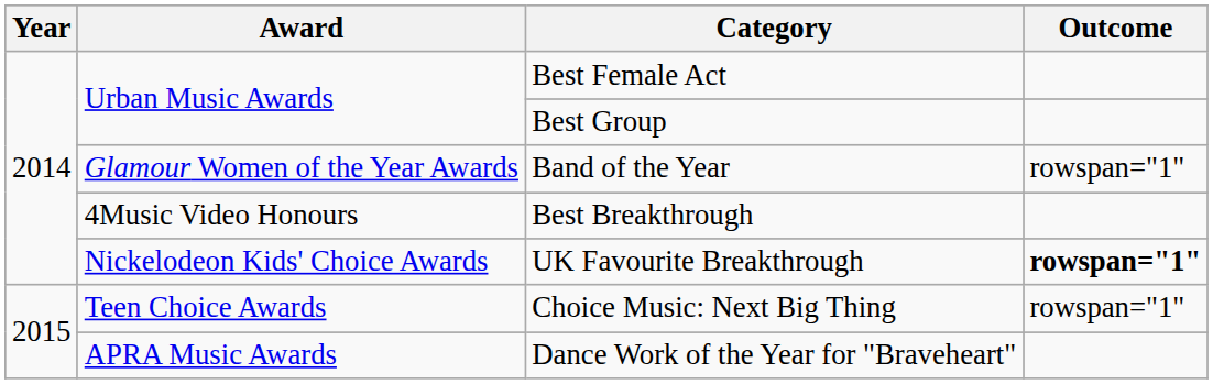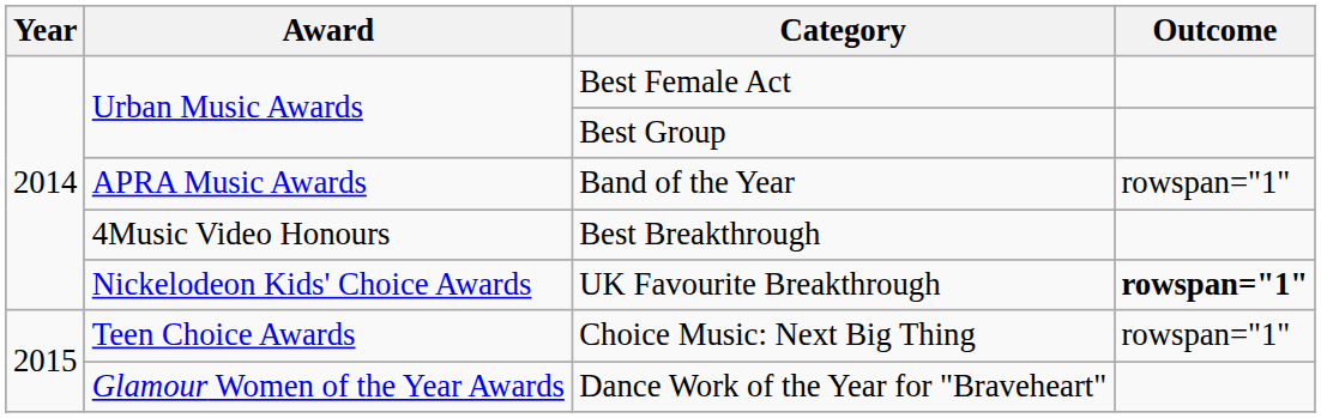 <table class="wikitable">
 <tr>
 <th>Year</th>
 <th>Award</th>
 <th>Category</th>
 <th>Outcome</th>
 </tr>
 <tr>
 <td rowspan="5">2014</td>
 <td rowspan="2"><a href='#'>Urban Music Awards</a></td>
 <td>Best Female Act</td>
 <td></td>
 </tr>
 <tr>
 <td>Best Group</td>
 <td></td>
 </tr>
 <tr>
-<td><a href='#'><em>Glamour</em> Women of the Year Awards</a></td>
+<td><a href='#'>APRA Music Awards</a></td>
 <td>Band of the Year</td>
 <td>rowspan="1" </td>
 </tr>
 <tr>
 <td>4Music Video Honours</td>
 <td>Best Breakthrough</td>
 <td></td>
 </tr>
 <tr>
 <td><a href='#'>Nickelodeon Kids' Choice Awards</a></td>
 <td>UK Favourite Breakthrough</td>
 <td><strong>rowspan="1" </strong></td>
 </tr>
 <tr>
 <td rowspan="2">2015</td>
 <td><a href='#'>Teen Choice Awards</a></td>
 <td>Choice Music: Next Big Thing</td>
 <td>rowspan="1" </td>
 </tr>
 <tr>
-<td><a href='#'>APRA Music Awards</a></td>
+<td><a href='#'><em>Glamour</em> Women of the Year Awards</a></td>
 <td>Dance Work of the Year for "Braveheart"</td>
 <td></td>
 </tr>
 </table>
